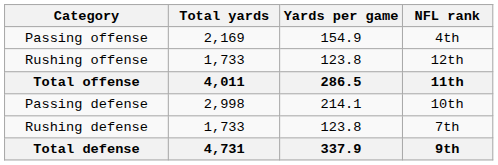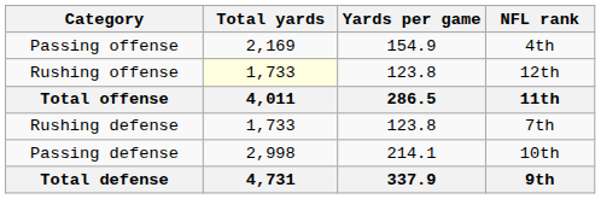 <table class="wikitable" style="text-align:center">
 <tr>
 <th width=150px>Category</th>
 <th width=100px>Total yards</th>
 <th width=110px>Yards per game</th>
 <th width=80px>NFL rank<br></th>
 </tr>
 <tr>
 <td>Passing offense</td>
 <td>2,169</td>
 <td>154.9</td>
 <td>4th</td>
 </tr>
 <tr>
 <td>Rushing offense</td>
-<td>1,733</td>
+<td style="background: lightyellow;">1,733</td>
 <td>123.8</td>
 <td>12th</td>
 </tr>
 <tr>
 <th>Total offense</th>
 <th>4,011</th>
 <th>286.5</th>
 <th>11th</th>
 </tr>
 <tr>
+<td>Rushing defense</td>
+<td>1,733</td>
+<td>123.8</td>
+<td>7th</td>
+</tr>
+<tr>
 <td>Passing defense</td>
 <td>2,998</td>
 <td>214.1</td>
 <td>10th</td>
-</tr>
-<tr>
-<td>Rushing defense</td>
-<td>1,733</td>
-<td>123.8</td>
-<td>7th</td>
 </tr>
 <tr>
 <th>Total defense</th>
 <th>4,731</th>
 <th>337.9</th>
 <th>9th</th>
 </tr>
 </table>
